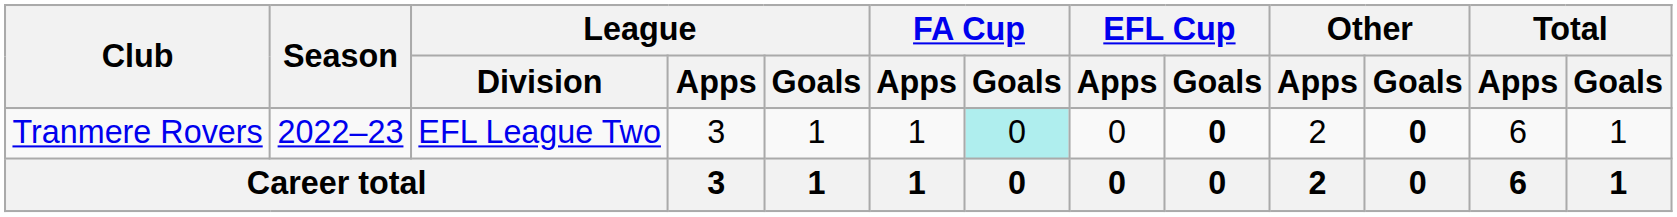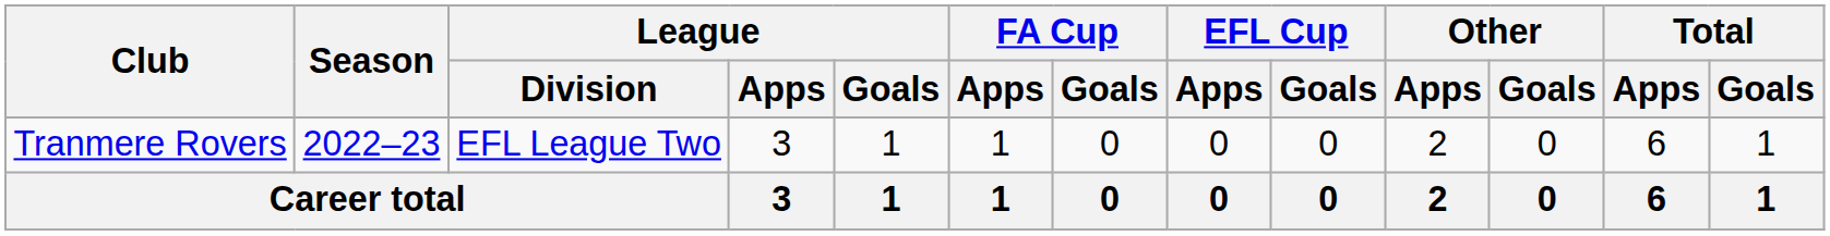 <table class="wikitable" style="text-align: center;">
 <tr>
 <th rowspan="2">Club</th>
 <th rowspan="2">Season</th>
 <th colspan="3">League</th>
 <th colspan="2"><a href='#'>FA Cup</a></th>
 <th colspan="2"><a href='#'>EFL Cup</a></th>
 <th colspan="2">Other</th>
 <th colspan="2">Total</th>
 </tr>
 <tr>
 <th>Division</th>
 <th>Apps</th>
 <th>Goals</th>
 <th>Apps</th>
 <th>Goals</th>
 <th>Apps</th>
 <th>Goals</th>
 <th>Apps</th>
 <th>Goals</th>
 <th>Apps</th>
 <th>Goals</th>
 </tr>
 <tr>
 <td><a href='#'>Tranmere Rovers</a></td>
 <td><a href='#'>2022–23</a></td>
 <td><a href='#'>EFL League Two</a></td>
 <td>3</td>
 <td>1</td>
 <td>1</td>
-<td style="background: paleturquoise;">0</td>
 <td>0</td>
-<td><strong>0</strong></td>
+<td>0</td>
+<td>0</td>
 <td>2</td>
-<td><strong>0</strong></td>
+<td>0</td>
 <td>6</td>
 <td>1</td>
 </tr>
 <tr>
 <th colspan="3">Career total</th>
 <th>3</th>
 <th>1</th>
 <th>1</th>
 <th>0</th>
 <th>0</th>
 <th>0</th>
 <th>2</th>
 <th>0</th>
 <th>6</th>
 <th>1</th>
 </tr>
 </table>
